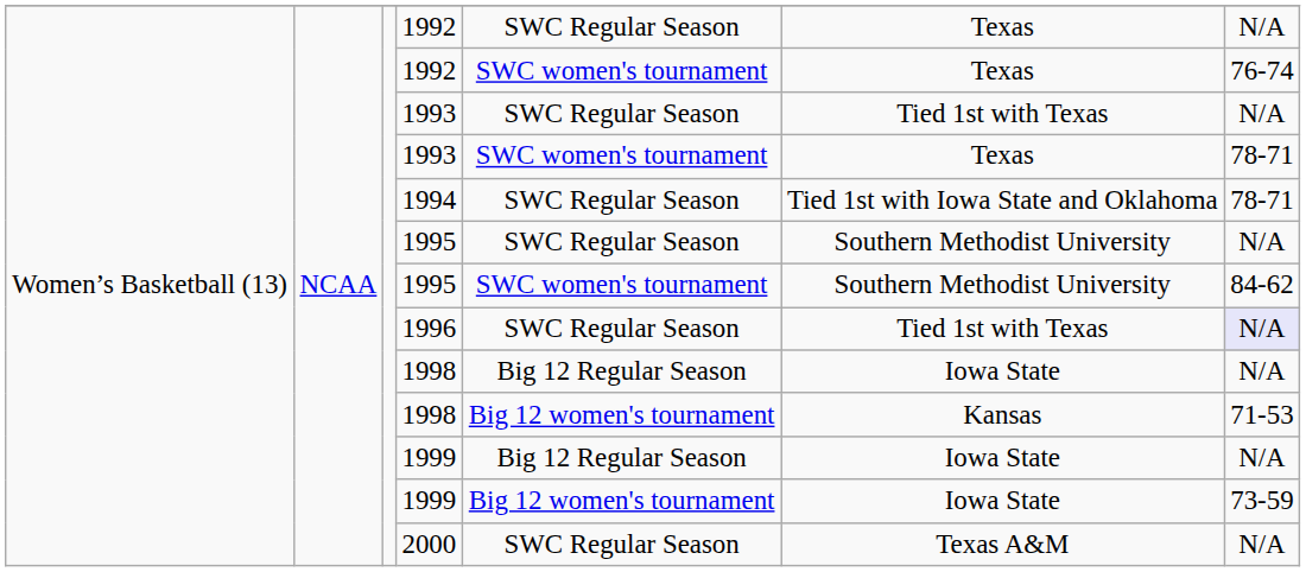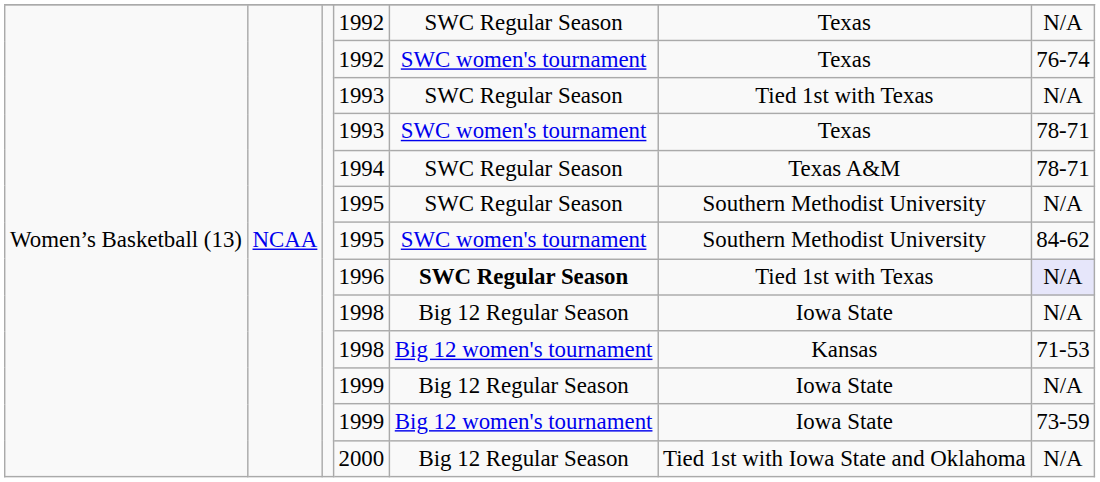 <table class="wikitable">
 <tr align="center">
 </tr>
 <tr align="center">
 <td rowspan="14">Women’s Basketball (13)</td>
 <td rowspan="14"><a href='#'>NCAA</a></td>
 <td rowspan="14"></td>
 </tr>
 <tr align="center">
 <td>1992</td>
 <td>SWC Regular Season</td>
 <td>Texas</td>
 <td>N/A</td>
 </tr>
 <tr align="center">
 <td>1992</td>
 <td><a href='#'>SWC women's tournament</a></td>
 <td>Texas</td>
 <td>76-74</td>
 </tr>
 <tr align="center">
 <td>1993</td>
 <td>SWC Regular Season</td>
 <td>Tied 1st with Texas</td>
 <td>N/A</td>
 </tr>
 <tr align="center">
 <td>1993</td>
 <td><a href='#'>SWC women's tournament</a></td>
 <td>Texas</td>
 <td>78-71</td>
 </tr>
 <tr align="center">
 <td>1994</td>
 <td>SWC Regular Season</td>
-<td>Tied 1st with Iowa State and Oklahoma</td>
+<td>Texas A&M</td>
 <td>78-71</td>
 </tr>
 <tr align="center">
 <td>1995</td>
 <td>SWC Regular Season</td>
 <td>Southern Methodist University</td>
 <td>N/A</td>
 </tr>
 <tr align="center">
 <td>1995</td>
 <td><a href='#'>SWC women's tournament</a></td>
 <td>Southern Methodist University</td>
 <td>84-62</td>
 </tr>
 <tr align="center">
 <td>1996</td>
-<td>SWC Regular Season</td>
+<td><strong>SWC Regular Season</strong></td>
 <td>Tied 1st with Texas</td>
 <td style="background: lavender;">N/A</td>
 </tr>
 <tr align="center">
 <td>1998</td>
 <td>Big 12 Regular Season</td>
 <td>Iowa State</td>
 <td>N/A</td>
 </tr>
 <tr align="center">
 <td>1998</td>
 <td><a href='#'>Big 12 women's tournament</a></td>
 <td>Kansas</td>
 <td>71-53</td>
 </tr>
 <tr align="center">
 <td>1999</td>
 <td>Big 12 Regular Season</td>
 <td>Iowa State</td>
 <td>N/A</td>
 </tr>
 <tr align="center">
 <td>1999</td>
 <td><a href='#'>Big 12 women's tournament</a></td>
 <td>Iowa State</td>
 <td>73-59</td>
 </tr>
 <tr align="center">
 <td>2000</td>
-<td>SWC Regular Season</td>
-<td>Texas A&M</td>
+<td>Big 12 Regular Season</td>
+<td>Tied 1st with Iowa State and Oklahoma</td>
 <td>N/A</td>
 </tr>
 </table>
